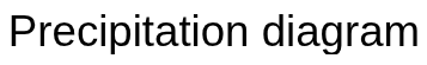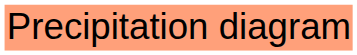 <table class="floatright">
 <tr>
 <td></td>
 </tr>
 <tr>
-<td>Precipitation diagram</td>
+<td style="background: lightsalmon;">Precipitation diagram</td>
 </tr>
 </table>
